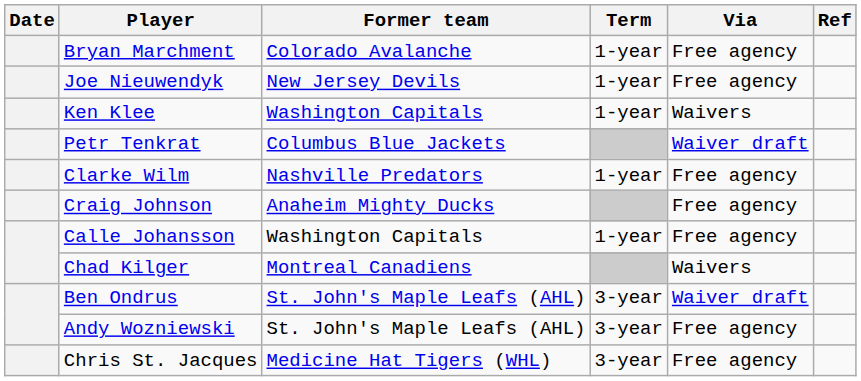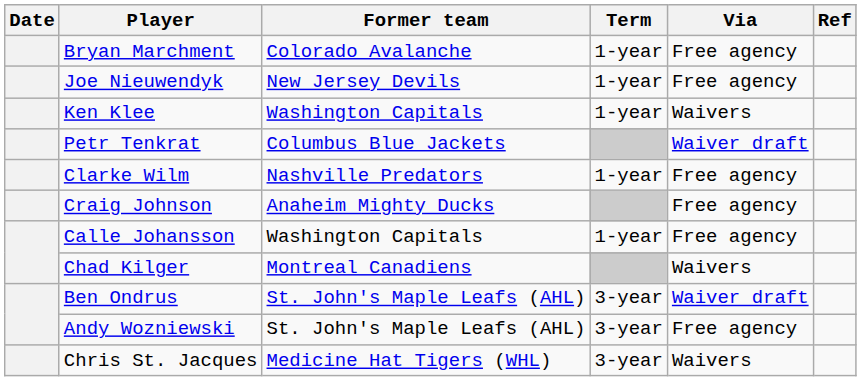 <table class="wikitable plainrowheaders">
 <tr style="background:#ddd; text-align:center;">
 <th>Date</th>
 <th>Player</th>
 <th>Former team</th>
 <th>Term</th>
 <th>Via</th>
 <th>Ref</th>
 </tr>
 <tr>
 <th scope="row"></th>
 <td><a href='#'>Bryan Marchment</a></td>
 <td><a href='#'>Colorado Avalanche</a></td>
 <td>1-year</td>
 <td>Free agency</td>
 <td></td>
 </tr>
 <tr>
 <th scope="row"></th>
 <td><a href='#'>Joe Nieuwendyk</a></td>
 <td><a href='#'>New Jersey Devils</a></td>
 <td>1-year</td>
 <td>Free agency</td>
 <td></td>
 </tr>
 <tr>
 <th scope="row"></th>
 <td><a href='#'>Ken Klee</a></td>
 <td><a href='#'>Washington Capitals</a></td>
 <td>1-year</td>
 <td>Waivers</td>
 <td></td>
 </tr>
 <tr>
 <th scope="row"></th>
 <td><a href='#'>Petr Tenkrat</a></td>
 <td><a href='#'>Columbus Blue Jackets</a></td>
 <td style="background:#ccc"></td>
 <td><a href='#'>Waiver draft</a></td>
 <td></td>
 </tr>
 <tr>
 <th scope="row"></th>
 <td><a href='#'>Clarke Wilm</a></td>
 <td><a href='#'>Nashville Predators</a></td>
 <td>1-year</td>
 <td>Free agency</td>
 <td></td>
 </tr>
 <tr>
 <th scope="row"></th>
 <td><a href='#'>Craig Johnson</a></td>
 <td><a href='#'>Anaheim Mighty Ducks</a></td>
 <td style="background:#ccc"></td>
 <td>Free agency</td>
 <td></td>
 </tr>
 <tr>
 <th scope="row" rowspan=2></th>
 <td><a href='#'>Calle Johansson</a></td>
 <td>Washington Capitals</td>
 <td>1-year</td>
 <td>Free agency</td>
 <td></td>
 </tr>
 <tr>
 <td><a href='#'>Chad Kilger</a></td>
 <td><a href='#'>Montreal Canadiens</a></td>
 <td style="background:#ccc"></td>
 <td>Waivers</td>
 <td></td>
 </tr>
 <tr>
 <th scope="row" rowspan=2></th>
 <td><a href='#'>Ben Ondrus</a></td>
 <td><a href='#'>St. John's Maple Leafs</a> (<a href='#'>AHL</a>)</td>
 <td>3-year</td>
 <td><a href='#'>Waiver draft</a></td>
 <td></td>
 </tr>
 <tr>
 <td><a href='#'>Andy Wozniewski</a></td>
 <td>St. John's Maple Leafs (AHL)</td>
 <td>3-year</td>
 <td>Free agency</td>
 <td></td>
 </tr>
 <tr>
 <th scope="row"></th>
 <td>Chris St. Jacques</td>
 <td><a href='#'>Medicine Hat Tigers</a> (<a href='#'>WHL</a>)</td>
 <td>3-year</td>
-<td>Free agency</td>
+<td>Waivers</td>
 <td></td>
 </tr>
 </table>
